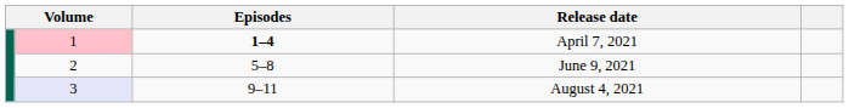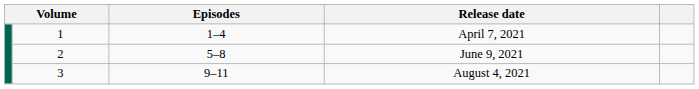 <table class="wikitable" style="text-align: center; width: 70%;">
 <tr>
 <th colspan="2" width="15%">Volume</th>
 <th>Episodes</th>
 <th>Release date</th>
 <th width="5%"></th>
 </tr>
 <tr>
 <td rowspan="3" width="1%" style="background: #006550"></td>
-<td style="background: pink;">1</td>
-<td><strong>1–4</strong></td>
+<td>1</td>
+<td>1–4</td>
 <td>April 7, 2021</td>
 <td></td>
 </tr>
 <tr>
 <td>2</td>
 <td>5–8</td>
 <td>June 9, 2021</td>
 <td></td>
 </tr>
 <tr>
-<td style="background: lavender;">3</td>
+<td>3</td>
 <td>9–11</td>
 <td>August 4, 2021</td>
 <td></td>
 </tr>
 </table>
